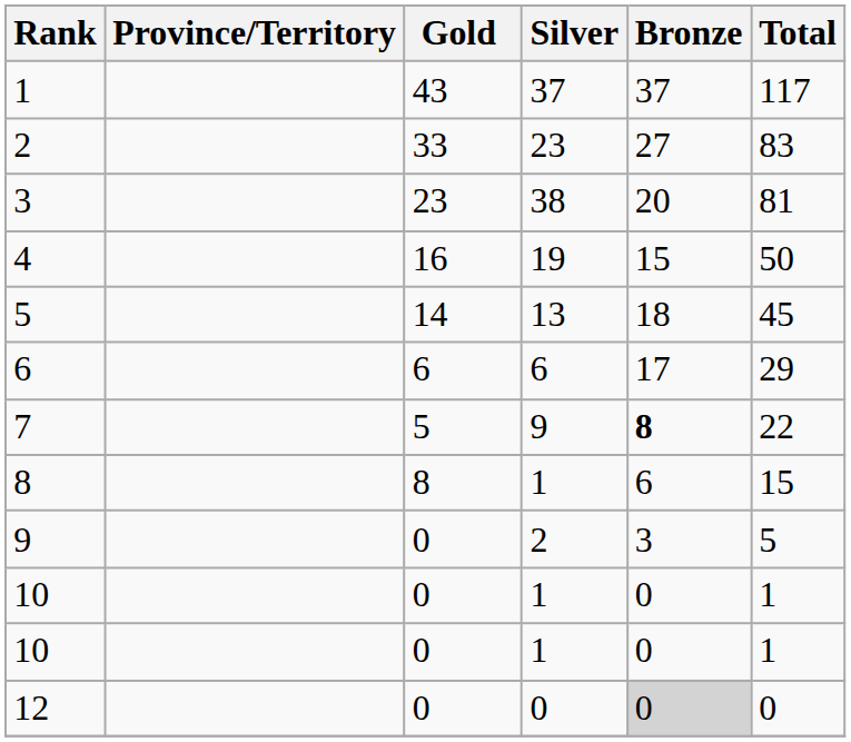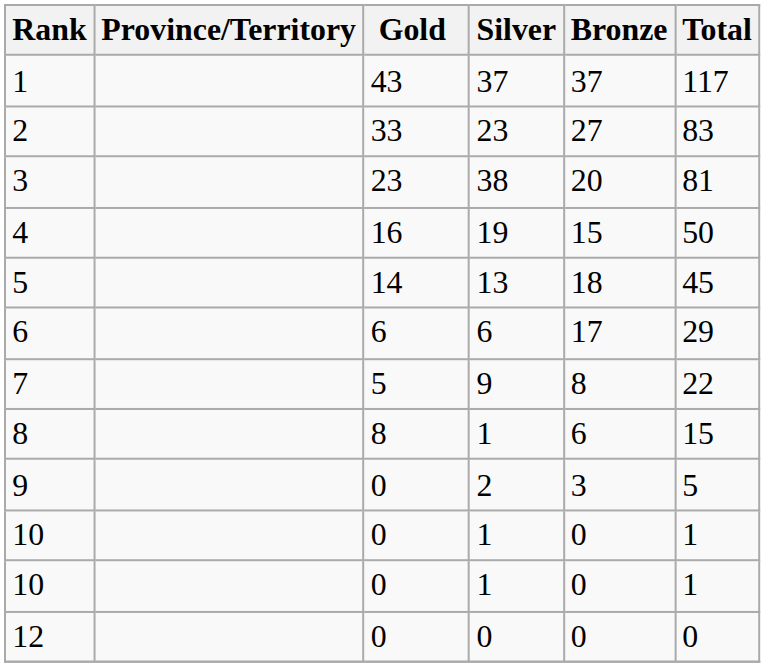 <table class="wikitable">
 <tr>
 <th><strong>Rank</strong></th>
 <th><strong>Province/Territory</strong></th>
 <th bgcolor="gold"><strong> Gold  </strong></th>
 <th bgcolor="silver"><strong>Silver</strong></th>
 <th bgcolor="CC9966"><strong>Bronze</strong></th>
 <th><strong>Total</strong></th>
 </tr>
 <tr>
 <td>1</td>
 <td></td>
 <td>43</td>
 <td>37</td>
 <td>37</td>
 <td>117</td>
 </tr>
 <tr>
 <td>2</td>
 <td></td>
 <td>33</td>
 <td>23</td>
 <td>27</td>
 <td>83</td>
 </tr>
 <tr>
 <td>3</td>
 <td></td>
 <td>23</td>
 <td>38</td>
 <td>20</td>
 <td>81</td>
 </tr>
 <tr>
 <td>4</td>
 <td></td>
 <td>16</td>
 <td>19</td>
 <td>15</td>
 <td>50</td>
 </tr>
 <tr>
 <td>5</td>
 <td><strong></strong></td>
 <td>14</td>
 <td>13</td>
 <td>18</td>
 <td>45</td>
 </tr>
 <tr>
 <td>6</td>
 <td></td>
 <td>6</td>
 <td>6</td>
 <td>17</td>
 <td>29</td>
 </tr>
 <tr>
 <td>7</td>
 <td></td>
 <td>5</td>
 <td>9</td>
-<td><strong>8</strong></td>
+<td>8</td>
 <td>22</td>
 </tr>
 <tr>
 <td>8</td>
 <td></td>
 <td>8</td>
 <td>1</td>
 <td>6</td>
 <td>15</td>
 </tr>
 <tr>
 <td>9</td>
 <td></td>
 <td>0</td>
 <td>2</td>
 <td>3</td>
 <td>5</td>
 </tr>
 <tr>
 <td>10</td>
 <td></td>
 <td>0</td>
 <td>1</td>
 <td>0</td>
 <td>1</td>
 </tr>
 <tr>
 <td>10</td>
 <td></td>
 <td>0</td>
 <td>1</td>
 <td>0</td>
 <td>1</td>
 </tr>
 <tr>
 <td>12</td>
 <td></td>
 <td>0</td>
 <td>0</td>
-<td style="background: lightgrey;">0</td>
+<td>0</td>
 <td>0</td>
 </tr>
 <tr>
 </tr>
 </table>
